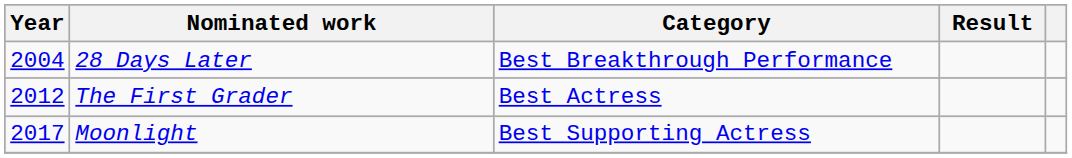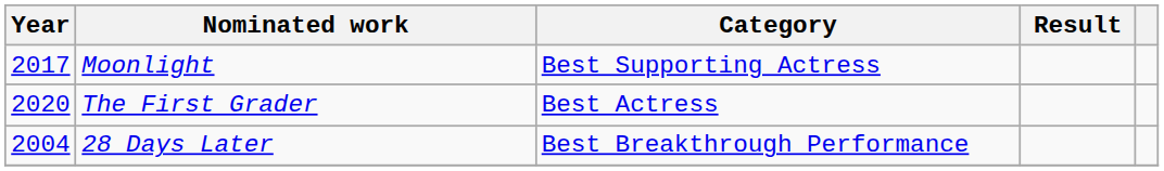 <table class="wikitable">
 <tr>
 <th scope="col" style="width:1em;">Year</th>
 <th scope="col" style="width:35em;">Nominated work</th>
 <th scope="col" style="width:35em;">Category</th>
 <th scope="col" style="width:5em;">Result</th>
 <th scope="col" style="width:1em;"></th>
 </tr>
 <tr>
+<td><a href='#'>2017</a></td>
+<td><em><a href='#'>Moonlight</a></em></td>
+<td><a href='#'>Best Supporting Actress</a></td>
+<td></td>
+<td></td>
+</tr>
+<tr>
+<td><a href='#'>2020</a></td>
+<td><em><a href='#'>The First Grader</a></em></td>
+<td><a href='#'>Best Actress</a></td>
+<td></td>
+<td></td>
+</tr>
+<tr>
 <td><a href='#'>2004</a></td>
 <td><em><a href='#'>28 Days Later</a></em></td>
 <td><a href='#'>Best Breakthrough Performance</a></td>
 <td></td>
 <td></td>
 </tr>
 <tr>
-<td><a href='#'>2012</a></td>
-<td><em><a href='#'>The First Grader</a></em></td>
-<td><a href='#'>Best Actress</a></td>
-<td></td>
-<td></td>
-</tr>
-<tr>
-<td><a href='#'>2017</a></td>
-<td><em><a href='#'>Moonlight</a></em></td>
-<td><a href='#'>Best Supporting Actress</a></td>
-<td></td>
-<td></td>
-</tr>
-<tr>
 </tr>
 </table>
